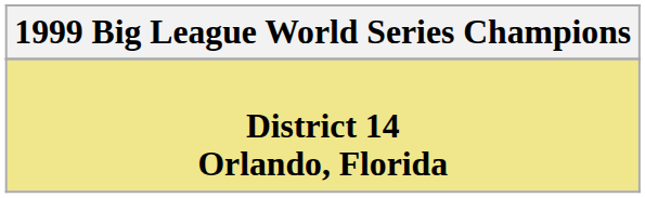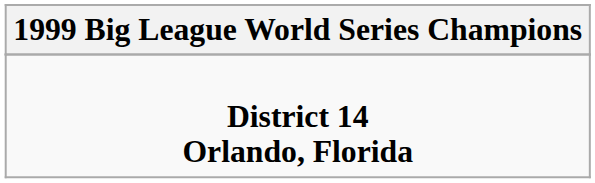 <table class="wikitable" style="text-align: center; margin: 0 auto;">
 <tr>
 <th>1999 Big League World Series Champions</th>
 </tr>
 <tr>
 </tr>
 <tr>
-<td style="background: khaki;"><br><strong>District 14</strong><br> <strong>Orlando, Florida</strong></td>
+<td><br><strong>District 14</strong><br> <strong>Orlando, Florida</strong></td>
 </tr>
 </table>
